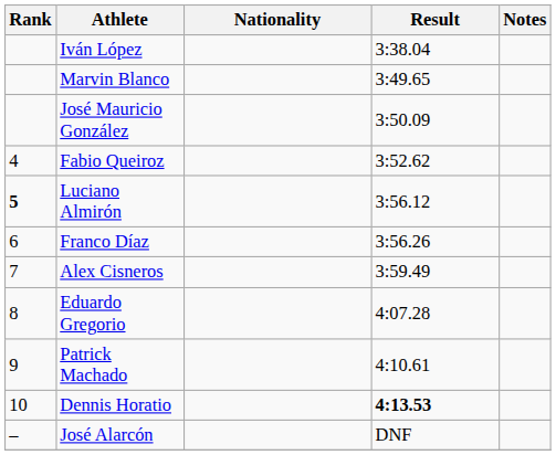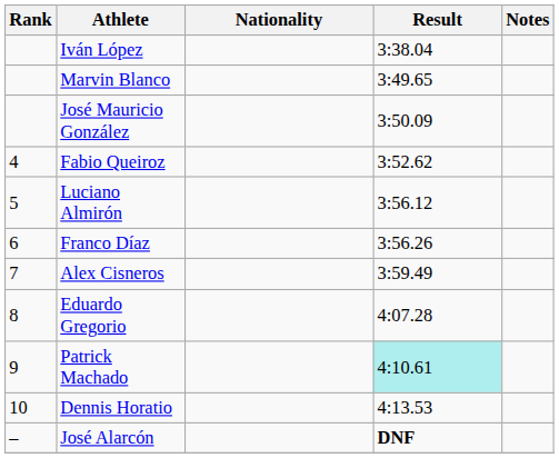 <table class="wikitable" style="font-size:95%" style="width:35em;" style="text-align:center">
 <tr>
 <th>Rank</th>
 <th width=100>Athlete</th>
 <th width=150>Nationality</th>
 <th width=100>Result</th>
 <th>Notes</th>
 </tr>
 <tr>
 <td></td>
 <td align=left><a href='#'>Iván López</a></td>
 <td align=left></td>
 <td>3:38.04</td>
 <td></td>
 </tr>
 <tr>
 <td></td>
 <td align=left><a href='#'>Marvin Blanco</a></td>
 <td align=left></td>
 <td>3:49.65</td>
 <td></td>
 </tr>
 <tr>
 <td></td>
 <td align=left><a href='#'>José Mauricio González</a></td>
 <td align=left></td>
 <td>3:50.09</td>
 <td></td>
 </tr>
 <tr>
 <td>4</td>
 <td align=left><a href='#'>Fabio Queiroz</a></td>
 <td align=left></td>
 <td>3:52.62</td>
 <td></td>
 </tr>
 <tr>
-<td><strong>5</strong></td>
+<td>5</td>
 <td align=left><a href='#'>Luciano Almirón</a></td>
 <td align=left></td>
 <td>3:56.12</td>
 <td></td>
 </tr>
 <tr>
 <td>6</td>
 <td align=left><a href='#'>Franco Díaz</a></td>
 <td align=left></td>
 <td>3:56.26</td>
 <td></td>
 </tr>
 <tr>
 <td>7</td>
 <td align=left><a href='#'>Alex Cisneros</a></td>
 <td align=left></td>
 <td>3:59.49</td>
 <td></td>
 </tr>
 <tr>
 <td>8</td>
 <td align=left><a href='#'>Eduardo Gregorio</a></td>
 <td align=left></td>
 <td>4:07.28</td>
 <td></td>
 </tr>
 <tr>
 <td>9</td>
 <td align=left><a href='#'>Patrick Machado</a></td>
 <td align=left></td>
-<td>4:10.61</td>
+<td style="background: paleturquoise;">4:10.61</td>
 <td></td>
 </tr>
 <tr>
 <td>10</td>
 <td align=left><a href='#'>Dennis Horatio</a></td>
 <td align=left></td>
-<td><strong>4:13.53</strong></td>
+<td>4:13.53</td>
 <td></td>
 </tr>
 <tr>
 <td>–</td>
 <td align=left><a href='#'>José Alarcón</a></td>
 <td align=left></td>
-<td>DNF</td>
+<td><strong>DNF</strong></td>
 <td></td>
 </tr>
 <tr>
 </tr>
 </table>
